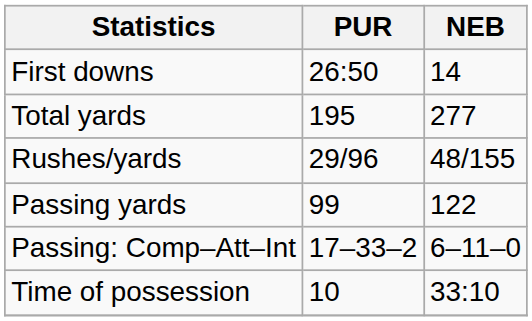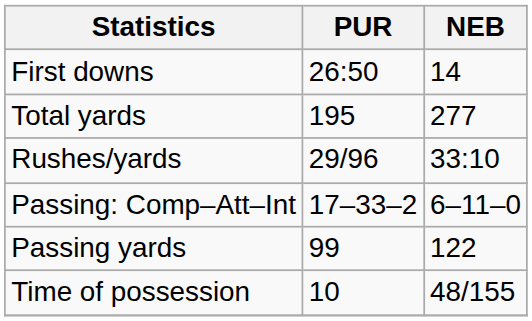 <table class="wikitable" style="float: left;">
 <tr>
 <th>Statistics</th>
 <th>PUR</th>
 <th>NEB</th>
 </tr>
 <tr>
 <td>First downs</td>
 <td>26:50</td>
 <td>14</td>
 </tr>
 <tr>
 <td>Total yards</td>
 <td>195</td>
 <td>277</td>
 </tr>
 <tr>
 <td>Rushes/yards</td>
 <td>29/96</td>
-<td>48/155</td>
+<td>33:10</td>
+</tr>
+<tr>
+<td>Passing: Comp–Att–Int</td>
+<td>17–33–2</td>
+<td>6–11–0</td>
 </tr>
 <tr>
 <td>Passing yards</td>
 <td>99</td>
 <td>122</td>
 </tr>
 <tr>
-<td>Passing: Comp–Att–Int</td>
-<td>17–33–2</td>
-<td>6–11–0</td>
-</tr>
-<tr>
 <td>Time of possession</td>
 <td>10</td>
-<td>33:10</td>
+<td>48/155</td>
 </tr>
 <tr>
 </tr>
 </table>
